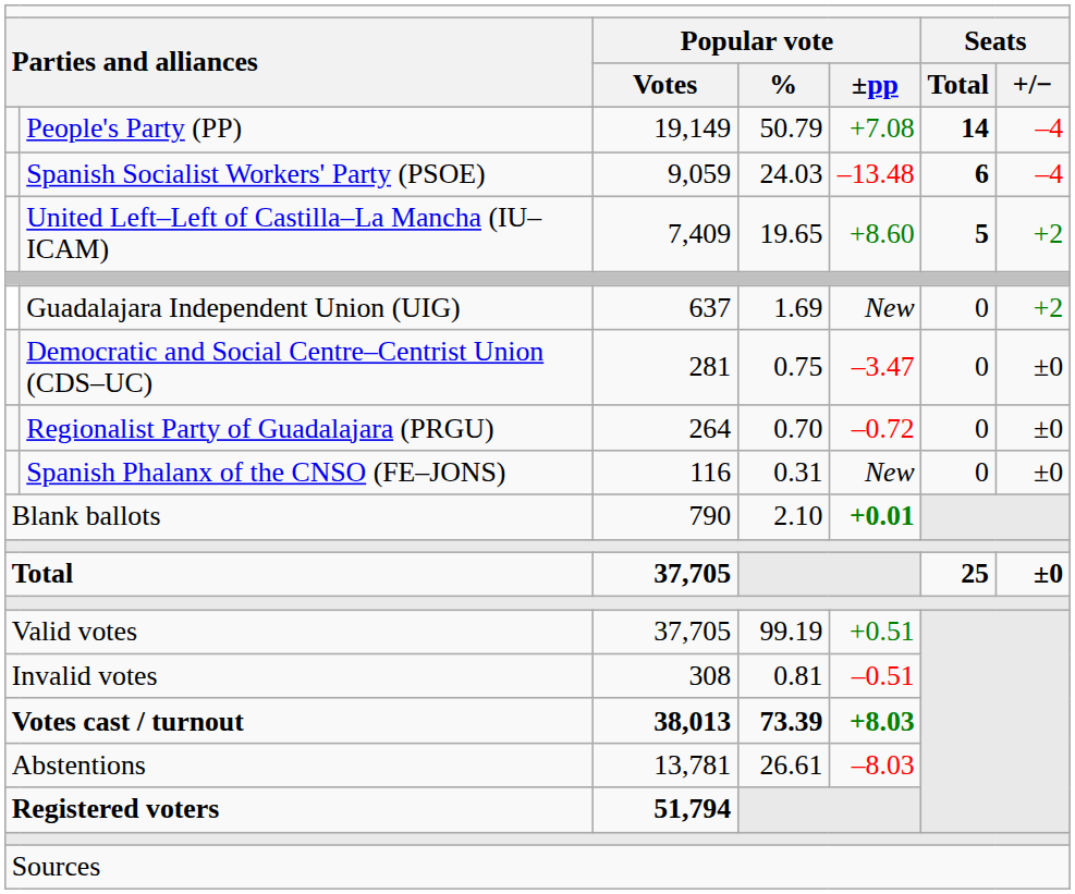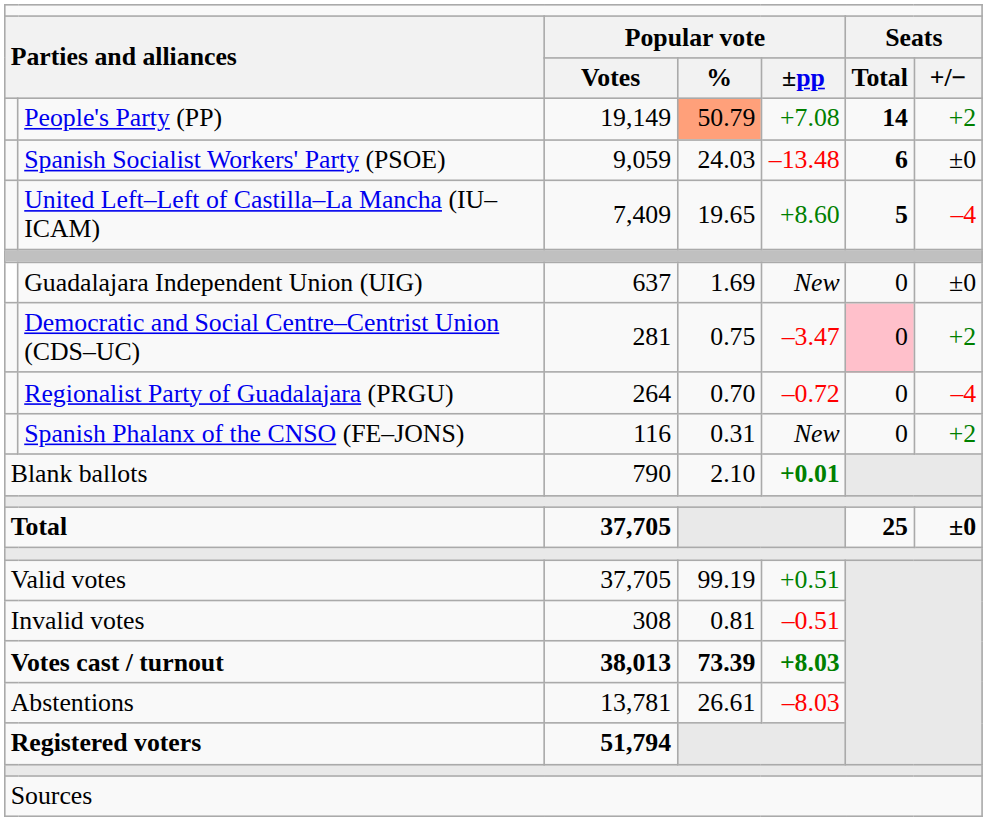 <table class="wikitable" style="text-align:right;">
 <tr>
 <td colspan="7"></td>
 </tr>
 <tr>
 <th style="text-align:left;" rowspan="2" colspan="2" width="525">Parties and alliances</th>
 <th colspan="3">Popular vote</th>
 <th colspan="2">Seats</th>
 </tr>
 <tr>
 <th width="75">Votes</th>
 <th width="45">%</th>
 <th width="45">±<a href='#'>pp</a></th>
 <th width="35">Total</th>
 <th width="35">+/−</th>
 </tr>
 <tr>
 <td width="1" style="color:inherit;background:"></td>
 <td align="left"><a href='#'>People's Party</a> (PP)</td>
 <td>19,149</td>
-<td>50.79</td>
+<td style="background: lightsalmon;">50.79</td>
 <td style="color:green;">+7.08</td>
 <td><strong>14</strong></td>
-<td style="color:red;">–4</td>
+<td style="color:green;">+2</td>
 </tr>
 <tr>
 <td style="color:inherit;background:"></td>
 <td align="left"><a href='#'>Spanish Socialist Workers' Party</a> (PSOE)</td>
 <td>9,059</td>
 <td>24.03</td>
 <td style="color:red;">–13.48</td>
 <td><strong>6</strong></td>
-<td style="color:red;">–4</td>
+<td>±0</td>
 </tr>
 <tr>
 <td style="color:inherit;background:"></td>
 <td align="left"><a href='#'>United Left–Left of Castilla–La Mancha</a> (IU–ICAM)</td>
 <td>7,409</td>
 <td>19.65</td>
 <td style="color:green;">+8.60</td>
 <td><strong>5</strong></td>
-<td style="color:green;">+2</td>
+<td style="color:red;">–4</td>
 </tr>
 <tr>
 <td colspan="7" bgcolor="#C0C0C0"></td>
 </tr>
 <tr>
 <td bgcolor="white"></td>
 <td align="left">Guadalajara Independent Union (UIG)</td>
 <td>637</td>
 <td>1.69</td>
 <td><em>New</em></td>
 <td>0</td>
-<td style="color:green;">+2</td>
+<td>±0</td>
 </tr>
 <tr>
 <td style="color:inherit;background:"></td>
 <td align="left"><a href='#'>Democratic and Social Centre–Centrist Union</a> (CDS–UC)</td>
 <td>281</td>
 <td>0.75</td>
 <td style="color:red;">–3.47</td>
-<td>0</td>
-<td>±0</td>
+<td style="background: pink;">0</td>
+<td style="color:green;">+2</td>
 </tr>
 <tr>
 <td style="color:inherit;background:"></td>
 <td align="left"><a href='#'>Regionalist Party of Guadalajara</a> (PRGU)</td>
 <td>264</td>
 <td>0.70</td>
 <td style="color:red;">–0.72</td>
 <td>0</td>
-<td>±0</td>
+<td style="color:red;">–4</td>
 </tr>
 <tr>
 <td style="color:inherit;background:"></td>
 <td align="left"><a href='#'>Spanish Phalanx of the CNSO</a> (FE–JONS)</td>
 <td>116</td>
 <td>0.31</td>
 <td><em>New</em></td>
 <td>0</td>
-<td>±0</td>
+<td style="color:green;">+2</td>
 </tr>
 <tr>
 <td align="left" colspan="2">Blank ballots</td>
 <td>790</td>
 <td>2.10</td>
 <td style="color:green;"><strong>+0.01</strong></td>
 <td bgcolor="#E9E9E9" colspan="2"></td>
 </tr>
 <tr>
 <td colspan="7" bgcolor="#E9E9E9"></td>
 </tr>
 <tr style="font-weight:bold;">
 <td align="left" colspan="2">Total</td>
 <td>37,705</td>
 <td bgcolor="#E9E9E9" colspan="2"></td>
 <td>25</td>
 <td>±0</td>
 </tr>
 <tr>
 <td colspan="7" bgcolor="#E9E9E9"></td>
 </tr>
 <tr>
 <td align="left" colspan="2">Valid votes</td>
 <td>37,705</td>
 <td>99.19</td>
 <td style="color:green;">+0.51</td>
 <td bgcolor="#E9E9E9" colspan="2" rowspan="5"></td>
 </tr>
 <tr>
 <td align="left" colspan="2">Invalid votes</td>
 <td>308</td>
 <td>0.81</td>
 <td style="color:red;">–0.51</td>
 </tr>
 <tr style="font-weight:bold;">
 <td align="left" colspan="2">Votes cast / turnout</td>
 <td>38,013</td>
 <td>73.39</td>
 <td style="color:green;">+8.03</td>
 </tr>
 <tr>
 <td align="left" colspan="2">Abstentions</td>
 <td>13,781</td>
 <td>26.61</td>
 <td style="color:red;">–8.03</td>
 </tr>
 <tr style="font-weight:bold;">
 <td align="left" colspan="2">Registered voters</td>
 <td>51,794</td>
 <td bgcolor="#E9E9E9" colspan="2"></td>
 </tr>
 <tr>
 <td colspan="7" bgcolor="#E9E9E9"></td>
 </tr>
 <tr>
 <td align="left" colspan="7">Sources</td>
 </tr>
 </table>
